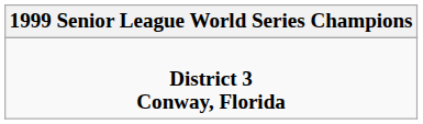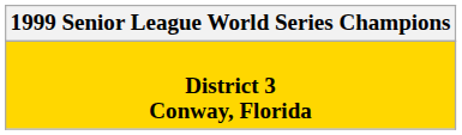 <table class="wikitable" style="text-align: center; margin: 0 auto;">
 <tr>
 <th>1999 Senior League World Series Champions</th>
 </tr>
 <tr>
 </tr>
 <tr>
-<td><br><strong>District 3</strong><br> <strong>Conway, Florida</strong></td>
+<td style="background: gold;"><br><strong>District 3</strong><br> <strong>Conway, Florida</strong></td>
 </tr>
 </table>
